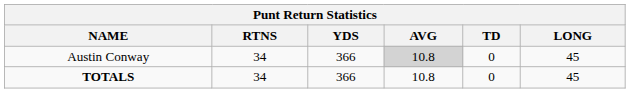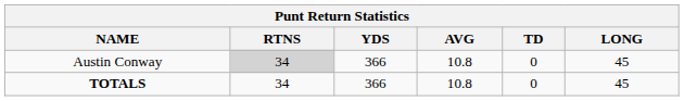 <table style="width:60%; text-align:center;" class="wikitable collapsible collapsed">
 <tr>
 <th colspan="8">Punt Return Statistics</th>
 </tr>
 <tr>
 <th>NAME</th>
 <th>RTNS</th>
 <th>YDS</th>
 <th>AVG</th>
 <th>TD</th>
 <th>LONG</th>
 </tr>
 <tr>
 <td>Austin Conway</td>
-<td>34</td>
+<td style="background: lightgrey;">34</td>
 <td>366</td>
-<td style="background: lightgrey;">10.8</td>
+<td>10.8</td>
 <td>0</td>
 <td>45</td>
 </tr>
 <tr>
 <td><strong>TOTALS</strong></td>
 <td>34</td>
 <td>366</td>
 <td>10.8</td>
 <td>0</td>
 <td>45</td>
 </tr>
 </table>
